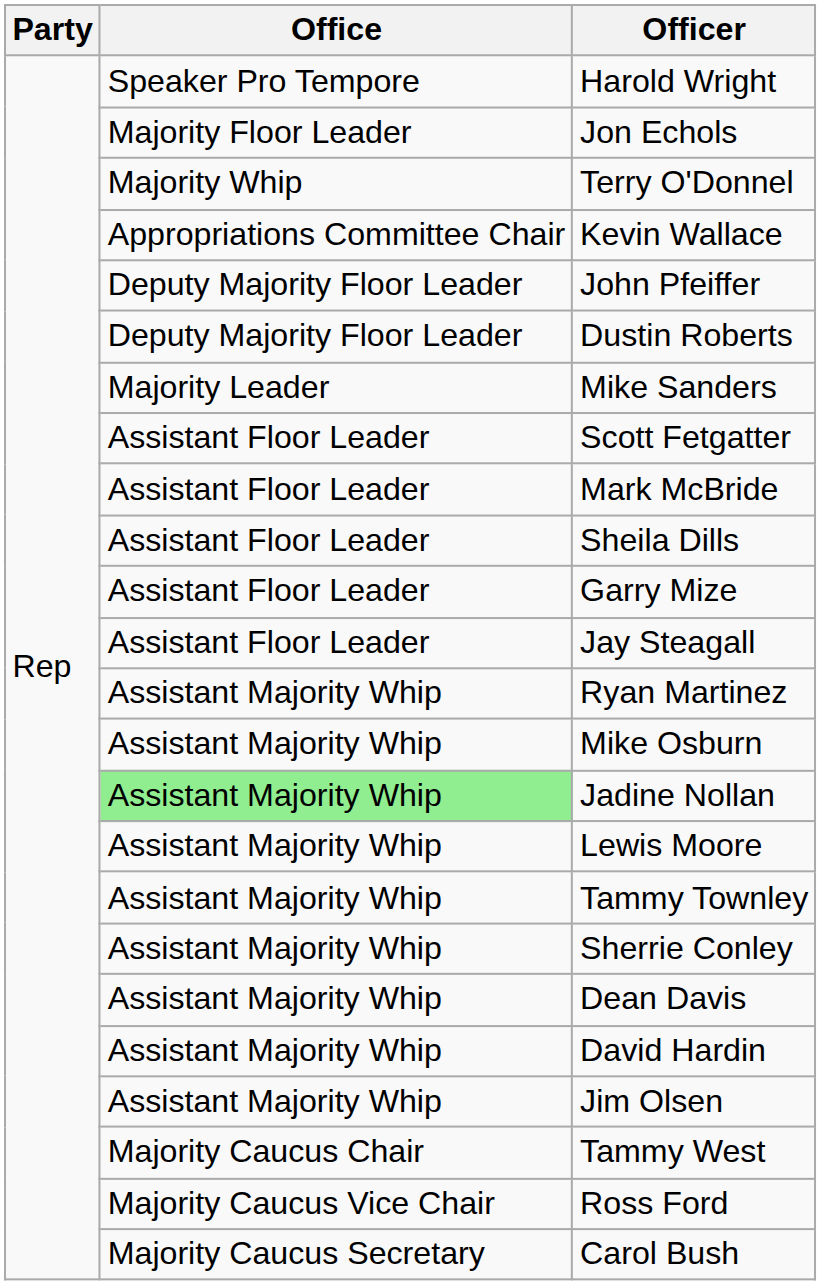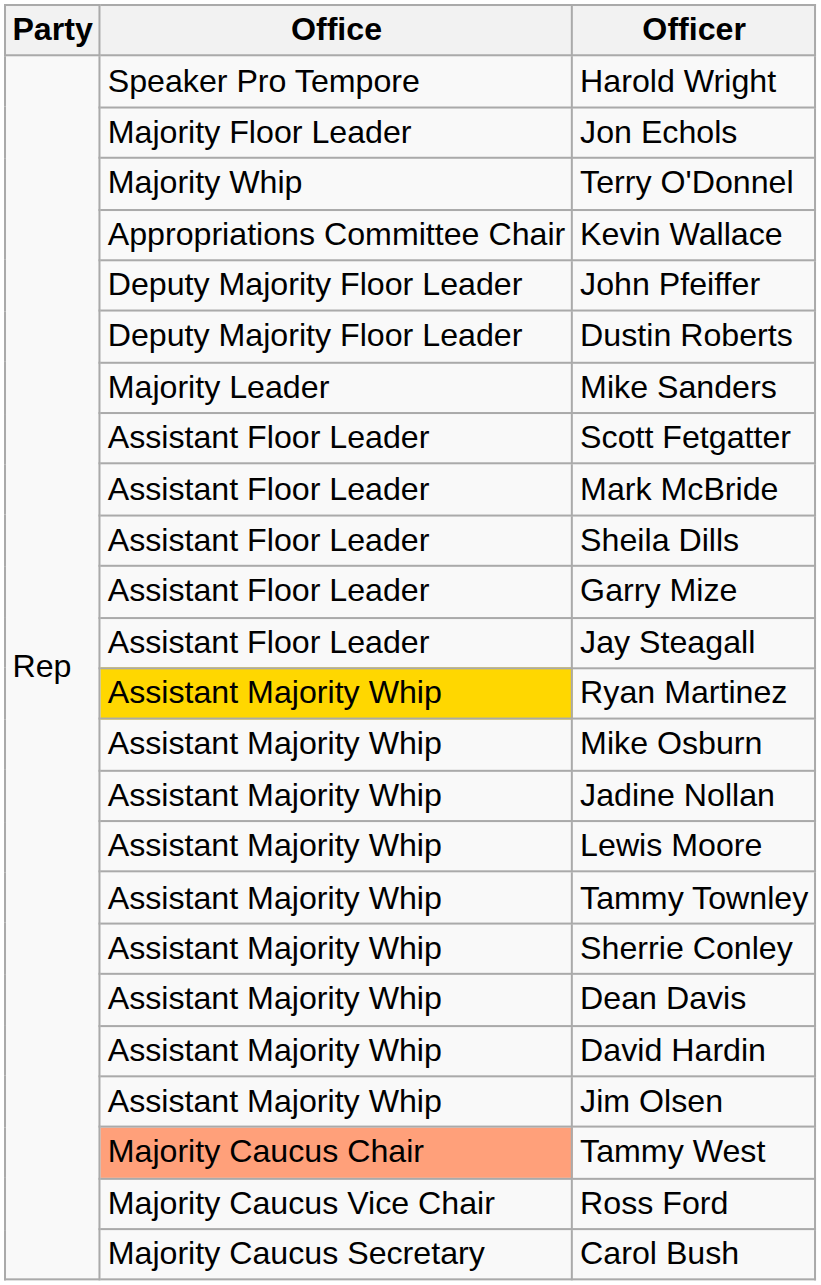 <table class=wikitable>
 <tr>
 <th>Party</th>
 <th>Office</th>
 <th>Officer</th>
 </tr>
 <tr>
 <td rowspan=24 style="background: ">Rep</td>
 <td>Speaker Pro Tempore</td>
 <td>Harold Wright</td>
 </tr>
 <tr>
 <td>Majority Floor Leader</td>
 <td>Jon Echols</td>
 </tr>
 <tr>
 <td>Majority Whip</td>
 <td>Terry O'Donnel</td>
 </tr>
 <tr>
 <td>Appropriations Committee Chair</td>
 <td>Kevin Wallace</td>
 </tr>
 <tr>
 <td>Deputy Majority Floor Leader</td>
 <td>John Pfeiffer</td>
 </tr>
 <tr>
 <td>Deputy Majority Floor Leader</td>
 <td>Dustin Roberts</td>
 </tr>
 <tr>
 <td>Majority Leader</td>
 <td>Mike Sanders</td>
 </tr>
 <tr>
 <td>Assistant Floor Leader</td>
 <td>Scott Fetgatter</td>
 </tr>
 <tr>
 <td>Assistant Floor Leader</td>
 <td>Mark McBride</td>
 </tr>
 <tr>
 <td>Assistant Floor Leader</td>
 <td>Sheila Dills</td>
 </tr>
 <tr>
 <td>Assistant Floor Leader</td>
 <td>Garry Mize</td>
 </tr>
 <tr>
 <td>Assistant Floor Leader</td>
 <td>Jay Steagall</td>
 </tr>
 <tr>
-<td>Assistant Majority Whip</td>
+<td style="background: gold;">Assistant Majority Whip</td>
 <td>Ryan Martinez</td>
 </tr>
 <tr>
 <td>Assistant Majority Whip</td>
 <td>Mike Osburn</td>
 </tr>
 <tr>
-<td style="background: lightgreen;">Assistant Majority Whip</td>
+<td>Assistant Majority Whip</td>
 <td>Jadine Nollan</td>
 </tr>
 <tr>
 <td>Assistant Majority Whip</td>
 <td>Lewis Moore</td>
 </tr>
 <tr>
 <td>Assistant Majority Whip</td>
 <td>Tammy Townley</td>
 </tr>
 <tr>
 <td>Assistant Majority Whip</td>
 <td>Sherrie Conley</td>
 </tr>
 <tr>
 <td>Assistant Majority Whip</td>
 <td>Dean Davis</td>
 </tr>
 <tr>
 <td>Assistant Majority Whip</td>
 <td>David Hardin</td>
 </tr>
 <tr>
 <td>Assistant Majority Whip</td>
 <td>Jim Olsen</td>
 </tr>
 <tr>
-<td>Majority Caucus Chair</td>
+<td style="background: lightsalmon;">Majority Caucus Chair</td>
 <td>Tammy West</td>
 </tr>
 <tr>
 <td>Majority Caucus Vice Chair</td>
 <td>Ross Ford</td>
 </tr>
 <tr>
 <td>Majority Caucus Secretary</td>
 <td>Carol Bush</td>
 </tr>
 </table>
